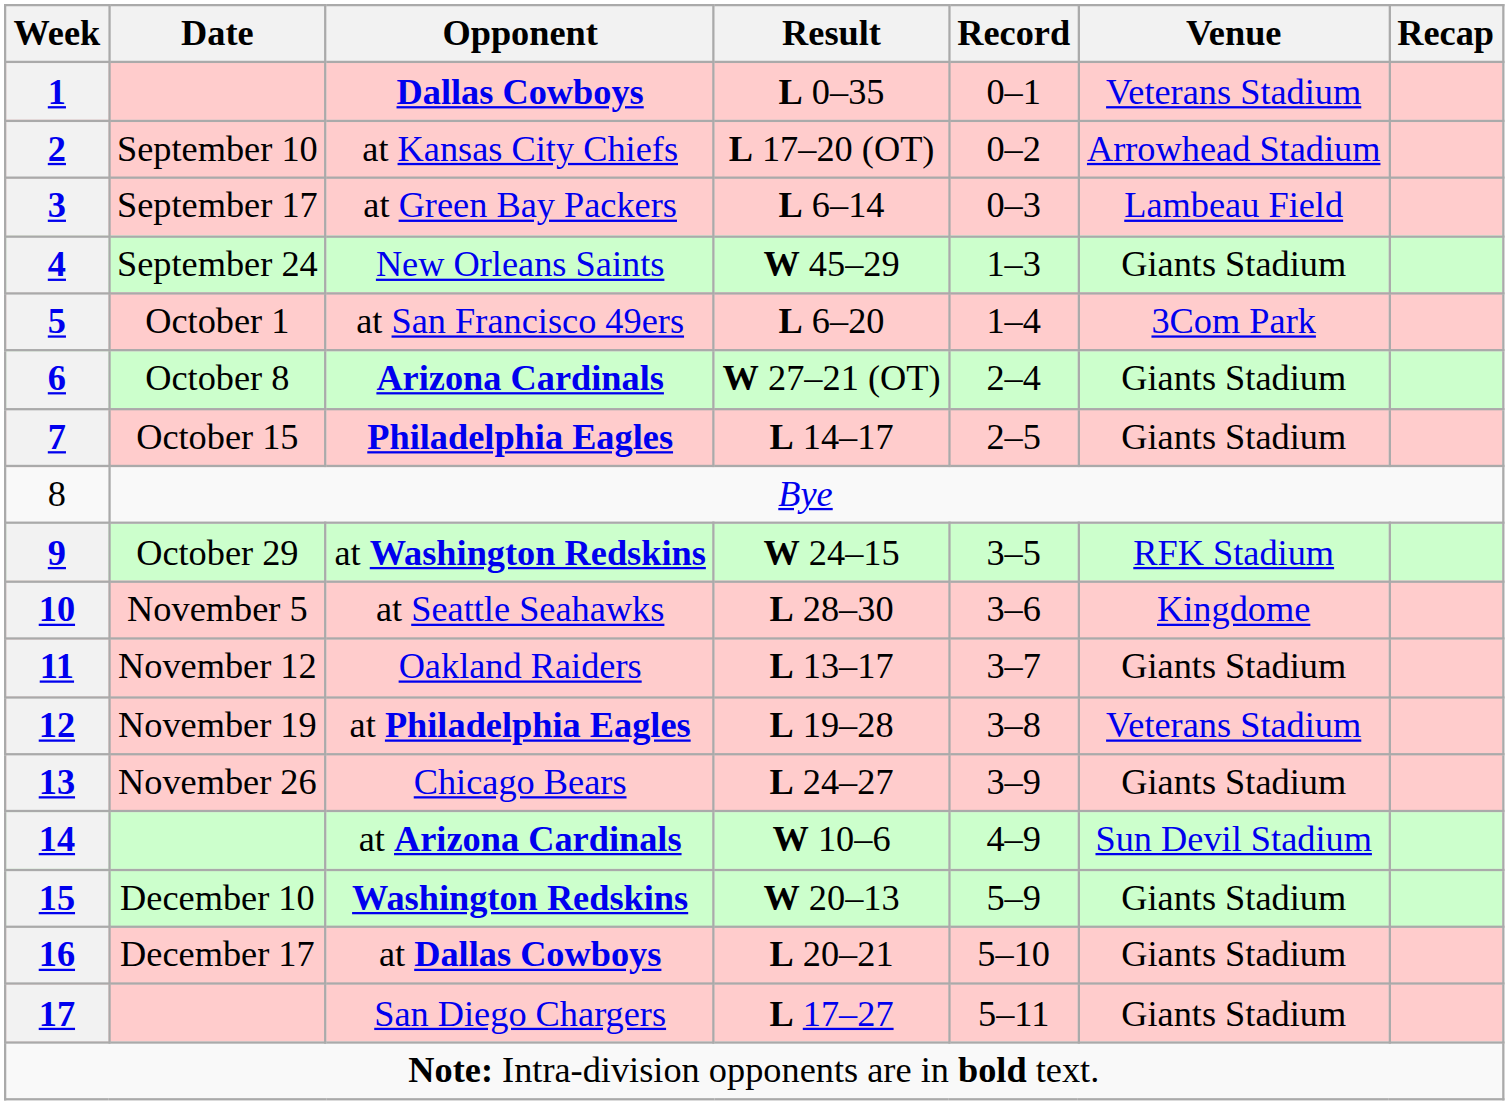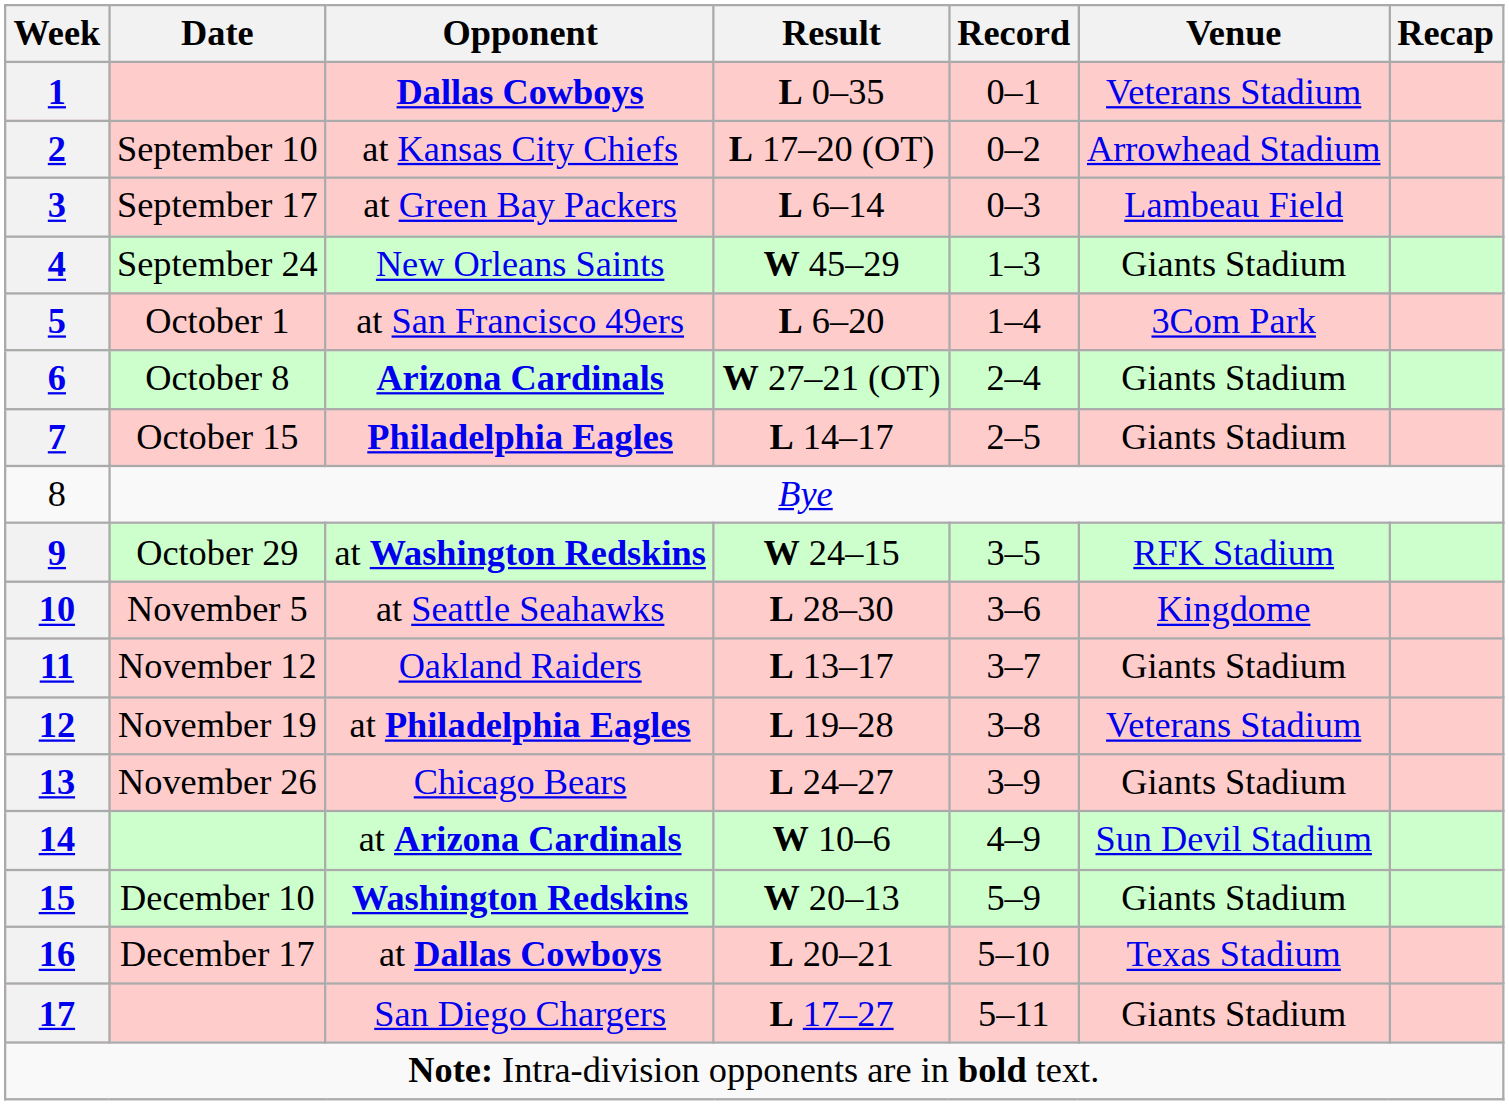 <table class="wikitable" style="text-align:center">
 <tr>
 <th>Week</th>
 <th>Date</th>
 <th>Opponent</th>
 <th>Result</th>
 <th>Record</th>
 <th>Venue</th>
 <th>Recap</th>
 </tr>
 <tr style="background:#fcc">
 <th><a href='#'>1</a></th>
 <td></td>
 <td><strong><a href='#'>Dallas Cowboys</a></strong></td>
 <td><strong>L</strong> 0–35</td>
 <td>0–1</td>
 <td><a href='#'>Veterans Stadium</a></td>
 <td></td>
 </tr>
 <tr style="background:#fcc">
 <th><a href='#'>2</a></th>
 <td>September 10</td>
 <td>at <a href='#'>Kansas City Chiefs</a></td>
 <td><strong>L</strong> 17–20 (OT)</td>
 <td>0–2</td>
 <td><a href='#'>Arrowhead Stadium</a></td>
 <td></td>
 </tr>
 <tr style="background:#fcc">
 <th><a href='#'>3</a></th>
 <td>September 17</td>
 <td>at <a href='#'>Green Bay Packers</a></td>
 <td><strong>L</strong> 6–14</td>
 <td>0–3</td>
 <td><a href='#'>Lambeau Field</a></td>
 <td></td>
 </tr>
 <tr style="background:#cfc">
 <th><a href='#'>4</a></th>
 <td>September 24</td>
 <td><a href='#'>New Orleans Saints</a></td>
 <td><strong>W</strong> 45–29</td>
 <td>1–3</td>
 <td>Giants Stadium</td>
 <td></td>
 </tr>
 <tr style="background:#fcc">
 <th><a href='#'>5</a></th>
 <td>October 1</td>
 <td>at <a href='#'>San Francisco 49ers</a></td>
 <td><strong>L</strong> 6–20</td>
 <td>1–4</td>
 <td><a href='#'>3Com Park</a></td>
 <td></td>
 </tr>
 <tr style="background:#cfc">
 <th><a href='#'>6</a></th>
 <td>October 8</td>
 <td><strong><a href='#'>Arizona Cardinals</a></strong></td>
 <td><strong>W</strong> 27–21 (OT)</td>
 <td>2–4</td>
 <td>Giants Stadium</td>
 <td></td>
 </tr>
 <tr style="background:#fcc">
 <th><a href='#'>7</a></th>
 <td>October 15</td>
 <td><strong><a href='#'>Philadelphia Eagles</a></strong></td>
 <td><strong>L</strong> 14–17</td>
 <td>2–5</td>
 <td>Giants Stadium</td>
 <td></td>
 </tr>
 <tr align="center">
 <td>8</td>
 <td colspan="6"><em><a href='#'>Bye</a></em></td>
 </tr>
 <tr style="background:#cfc">
 <th><a href='#'>9</a></th>
 <td>October 29</td>
 <td>at <strong><a href='#'>Washington Redskins</a></strong></td>
 <td><strong>W</strong> 24–15</td>
 <td>3–5</td>
 <td><a href='#'>RFK Stadium</a></td>
 <td></td>
 </tr>
 <tr style="background:#fcc">
 <th><a href='#'>10</a></th>
 <td>November 5</td>
 <td>at <a href='#'>Seattle Seahawks</a></td>
 <td><strong>L</strong> 28–30</td>
 <td>3–6</td>
 <td><a href='#'>Kingdome</a></td>
 <td></td>
 </tr>
 <tr style="background:#fcc">
 <th><a href='#'>11</a></th>
 <td>November 12</td>
 <td><a href='#'>Oakland Raiders</a></td>
 <td><strong>L</strong> 13–17</td>
 <td>3–7</td>
 <td>Giants Stadium</td>
 <td></td>
 </tr>
 <tr style="background:#fcc">
 <th><a href='#'>12</a></th>
 <td>November 19</td>
 <td>at <strong><a href='#'>Philadelphia Eagles</a></strong></td>
 <td><strong>L</strong> 19–28</td>
 <td>3–8</td>
 <td><a href='#'>Veterans Stadium</a></td>
 <td></td>
 </tr>
 <tr style="background:#fcc">
 <th><a href='#'>13</a></th>
 <td>November 26</td>
 <td><a href='#'>Chicago Bears</a></td>
 <td><strong>L</strong> 24–27</td>
 <td>3–9</td>
 <td>Giants Stadium</td>
 <td></td>
 </tr>
 <tr style="background:#cfc">
 <th><a href='#'>14</a></th>
 <td></td>
 <td>at <strong><a href='#'>Arizona Cardinals</a></strong></td>
 <td><strong>W</strong> 10–6</td>
 <td>4–9</td>
 <td><a href='#'>Sun Devil Stadium</a></td>
 <td></td>
 </tr>
 <tr style="background:#cfc">
 <th><a href='#'>15</a></th>
 <td>December 10</td>
 <td><strong><a href='#'>Washington Redskins</a></strong></td>
 <td><strong>W</strong> 20–13</td>
 <td>5–9</td>
 <td>Giants Stadium</td>
 <td></td>
 </tr>
 <tr style="background:#fcc">
 <th><a href='#'>16</a></th>
 <td>December 17</td>
 <td>at <strong><a href='#'>Dallas Cowboys</a></strong></td>
 <td><strong>L</strong> 20–21</td>
 <td>5–10</td>
-<td>Giants Stadium</td>
+<td><a href='#'>Texas Stadium</a></td>
 <td></td>
 </tr>
 <tr style="background:#fcc">
 <th><a href='#'>17</a></th>
 <td></td>
 <td><a href='#'>San Diego Chargers</a></td>
 <td><strong>L</strong> <a href='#'>17–27</a></td>
 <td>5–11</td>
 <td>Giants Stadium</td>
 <td></td>
 </tr>
 <tr>
 <td colspan="8"><strong>Note:</strong> Intra-division opponents are in <strong>bold</strong> text.</td>
 </tr>
 </table>
